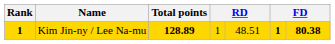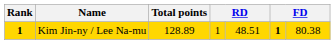 <table class="wikitable sortable">
 <tr>
 <th>Rank</th>
 <th>Name</th>
 <th>Total points</th>
 <th colspan="2" width="80px"><a href='#'>RD</a></th>
 <th colspan="2" width="80px"><a href='#'>FD</a></th>
 </tr>
 <tr bgcolor="gold">
 <td align="center"><strong>1</strong></td>
 <td>Kim Jin-ny / Lee Na-mu</td>
-<td align="center"><strong>128.89</strong></td>
+<td align="center">128.89</td>
 <td align="center">1</td>
 <td align="center">48.51</td>
 <td align="center"><strong>1</strong></td>
-<td align="center"><strong>80.38</strong></td>
+<td align="center">80.38</td>
 </tr>
 </table>
